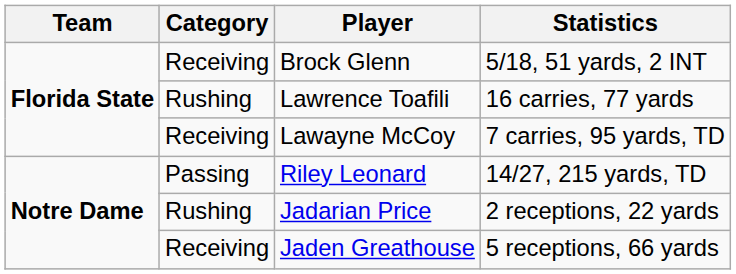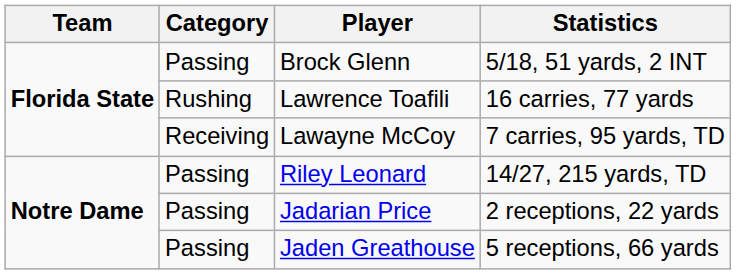 <table class="wikitable" style="float: right;">
 <tr>
 <th>Team</th>
 <th>Category</th>
 <th>Player</th>
 <th>Statistics</th>
 </tr>
 <tr>
 <td rowspan=3><strong>Florida State</strong></td>
-<td>Receiving</td>
+<td>Passing</td>
 <td>Brock Glenn</td>
 <td>5/18, 51 yards, 2 INT</td>
 </tr>
 <tr>
 <td>Rushing</td>
 <td>Lawrence Toafili</td>
 <td>16 carries, 77 yards</td>
 </tr>
 <tr>
 <td>Receiving</td>
 <td>Lawayne McCoy</td>
 <td>7 carries, 95 yards, TD</td>
 </tr>
 <tr>
 <td rowspan=3><strong>Notre Dame</strong></td>
 <td>Passing</td>
 <td><a href='#'>Riley Leonard</a></td>
 <td>14/27, 215 yards, TD</td>
 </tr>
 <tr>
-<td>Rushing</td>
+<td>Passing</td>
 <td><a href='#'>Jadarian Price</a></td>
 <td>2 receptions, 22 yards</td>
 </tr>
 <tr>
-<td>Receiving</td>
+<td>Passing</td>
 <td><a href='#'>Jaden Greathouse</a></td>
 <td>5 receptions, 66 yards</td>
 </tr>
 </table>
